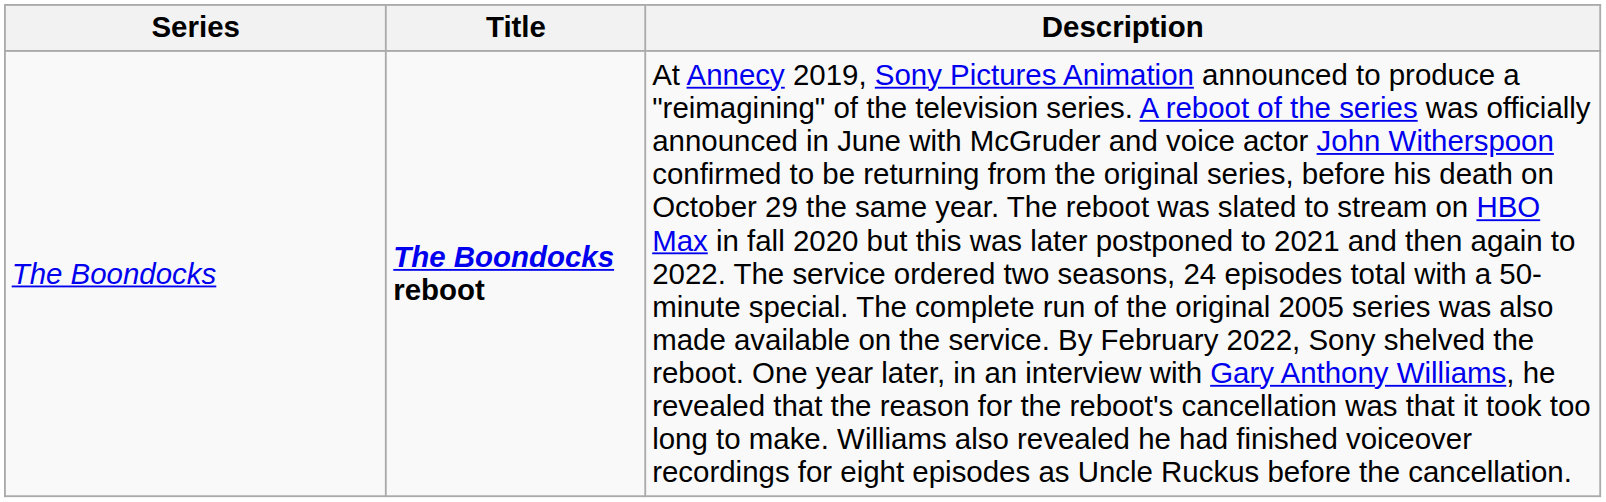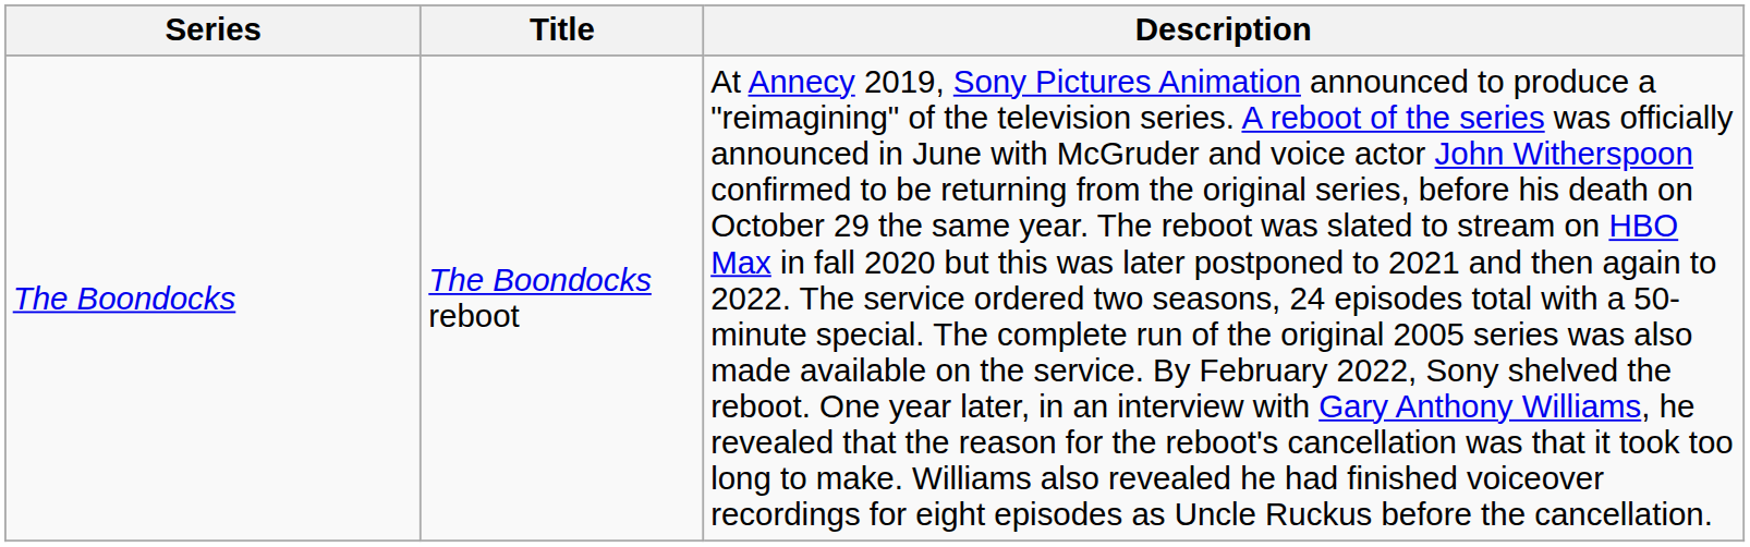 <table class="wikitable">
 <tr>
 <th style="width:150pt;">Series</th>
 <th style="width:100pt;">Title</th>
 <th>Description</th>
 </tr>
 <tr>
 <td><em><a href='#'>The Boondocks</a></em></td>
-<td><strong><a href='#'><em>The Boondocks</em></a> reboot</strong></td>
+<td><a href='#'><em>The Boondocks</em></a> reboot</td>
 <td>At <a href='#'>Annecy</a> 2019, <a href='#'>Sony Pictures Animation</a> announced to produce a "reimagining" of the television series. <a href='#'>A reboot of the series</a> was officially announced in June with McGruder and voice actor <a href='#'>John Witherspoon</a> confirmed to be returning from the original series, before his death on October 29 the same year. The reboot was slated to stream on <a href='#'>HBO Max</a> in fall 2020 but this was later postponed to 2021 and then again to 2022. The service ordered two seasons, 24 episodes total with a 50-minute special. The complete run of the original 2005 series was also made available on the service. By February 2022, Sony shelved the reboot. One year later, in an interview with <a href='#'>Gary Anthony Williams</a>, he revealed that the reason for the reboot's cancellation was that it took too long to make. Williams also revealed he had finished voiceover recordings for eight episodes as Uncle Ruckus before the cancellation.</td>
 </tr>
 </table>
